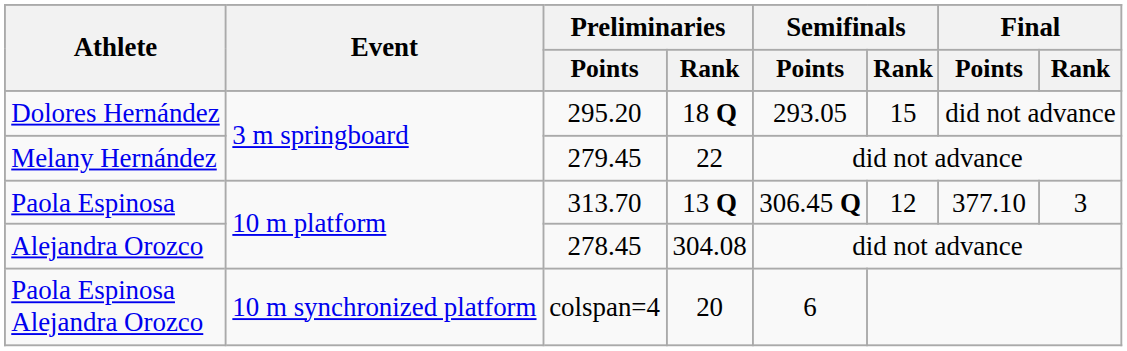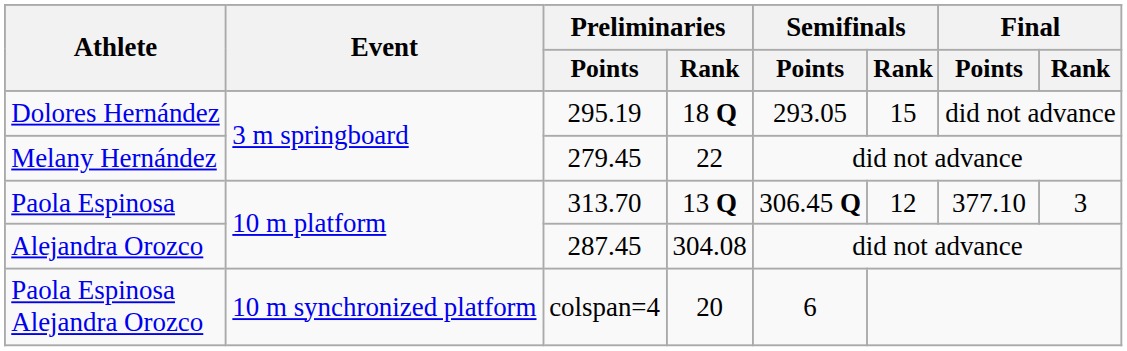 <table class=wikitable style="font-size:90%">
 <tr>
 <th rowspan="2">Athlete</th>
 <th rowspan="2">Event</th>
 <th colspan="2">Preliminaries</th>
 <th colspan="2">Semifinals</th>
 <th colspan="2">Final</th>
 </tr>
 <tr style="font-size:95%">
 <th>Points</th>
 <th>Rank</th>
 <th>Points</th>
 <th>Rank</th>
 <th>Points</th>
 <th>Rank</th>
 </tr>
 <tr align=center>
 <td align=left><a href='#'>Dolores Hernández</a></td>
 <td align=left rowspan=2><a href='#'>3 m springboard</a></td>
-<td>295.20</td>
+<td>295.19</td>
 <td>18 <strong>Q</strong></td>
 <td>293.05</td>
 <td>15</td>
 <td colspan=5>did not advance</td>
 </tr>
 <tr align=center>
 <td align=left><a href='#'>Melany Hernández</a></td>
 <td>279.45</td>
 <td>22</td>
 <td colspan=6>did not advance</td>
 </tr>
 <tr align=center>
 <td align=left><a href='#'>Paola Espinosa</a></td>
 <td align=left rowspan=2><a href='#'>10 m platform</a></td>
 <td>313.70</td>
 <td>13 <strong>Q</strong></td>
 <td>306.45 <strong>Q</strong></td>
 <td>12</td>
 <td>377.10</td>
 <td>3</td>
 </tr>
 <tr align=center>
 <td align=left><a href='#'>Alejandra Orozco</a></td>
-<td>278.45</td>
+<td>287.45</td>
 <td>304.08</td>
 <td colspan=6>did not advance</td>
 </tr>
 <tr align=center>
 <td align=left><a href='#'>Paola Espinosa</a><br><a href='#'>Alejandra Orozco</a></td>
 <td align=left><a href='#'>10 m synchronized platform</a></td>
 <td>colspan=4 </td>
 <td>20</td>
 <td>6</td>
 </tr>
 </table>
